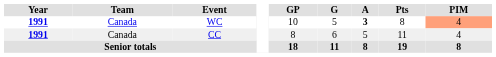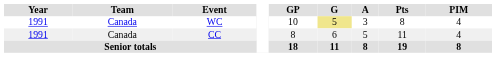 <table border="0" cellpadding="1" cellspacing="0" style="text-align:center; width:50em">
 <tr ALIGN="center" bgcolor="#e0e0e0">
 <th>Year</th>
 <th>Team</th>
 <th>Event</th>
 <th rowspan="99" bgcolor="#ffffff"> </th>
 <th>GP</th>
 <th>G</th>
 <th>A</th>
 <th>Pts</th>
 <th>PIM</th>
 </tr>
 <tr>
-<td><strong><a href='#'>1991</a></strong></td>
+<td><a href='#'>1991</a></td>
 <td><a href='#'>Canada</a></td>
 <td><a href='#'>WC</a></td>
 <td>10</td>
-<td>5</td>
-<td><strong>3</strong></td>
+<td style="background: khaki;">5</td>
+<td>3</td>
 <td>8</td>
-<td style="background: lightsalmon;">4</td>
+<td>4</td>
 </tr>
 <tr bgcolor="#f0f0f0">
-<td><strong><a href='#'>1991</a></strong></td>
+<td><a href='#'>1991</a></td>
 <td>Canada</td>
 <td><a href='#'>CC</a></td>
 <td>8</td>
 <td>6</td>
 <td>5</td>
 <td>11</td>
 <td>4</td>
 </tr>
 <tr bgcolor="#e0e0e0">
 <th colspan=3>Senior totals</th>
 <th>18</th>
 <th>11</th>
 <th>8</th>
 <th>19</th>
 <th>8</th>
 </tr>
 </table>
